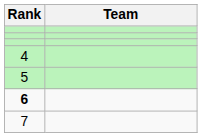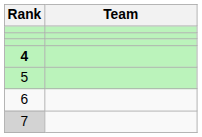 <table class="wikitable">
 <tr>
 <th>Rank</th>
 <th width=170>Team</th>
 </tr>
 <tr bgcolor=#bbf3bb>
 <td align=center></td>
 <td></td>
 </tr>
 <tr bgcolor=#bbf3bb>
 <td align=center></td>
 <td></td>
 </tr>
 <tr bgcolor=#bbf3bb>
 <td align=center></td>
 <td></td>
 </tr>
 <tr bgcolor=#bbf3bb>
-<td align=center>4</td>
+<td align=center><strong>4</strong></td>
 <td></td>
 </tr>
 <tr bgcolor=#bbf3bb>
 <td align=center>5</td>
 <td></td>
 </tr>
 <tr>
-<td align=center><strong>6</strong></td>
+<td align=center>6</td>
 <td></td>
 </tr>
 <tr>
-<td align=center>7</td>
+<td align=center style="background: lightgrey;">7</td>
 <td></td>
 </tr>
 </table>
